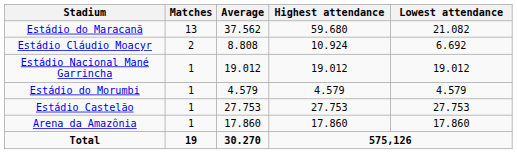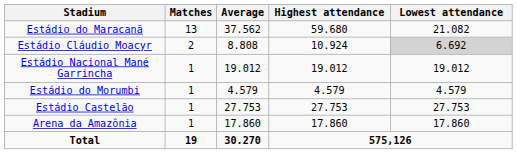 <table class="wikitable plainrowheaders sortable" style="text-align:center">
 <tr>
 <th scope="col" ! style="width:200px;">Stadium</th>
 <th scope="col" ! style="width:60px;">Matches</th>
 <th scope="col" ! style="width:60px;">Average</th>
 <th scope="col" ! style="width:150px;">Highest attendance</th>
 <th scope="col" ! style="width:150px;">Lowest attendance</th>
 </tr>
 <tr>
 <td><a href='#'>Estádio do Maracanã</a></td>
 <td>13</td>
 <td>37.562</td>
 <td>59.680</td>
 <td>21.082</td>
 </tr>
 <tr>
 <td><a href='#'>Estádio Cláudio Moacyr</a></td>
 <td>2</td>
 <td>8.808</td>
 <td>10.924</td>
-<td>6.692</td>
+<td style="background: lightgrey;">6.692</td>
 </tr>
 <tr>
 <td><a href='#'>Estádio Nacional Mané Garrincha</a></td>
 <td>1</td>
 <td>19.012</td>
 <td>19.012</td>
 <td>19.012</td>
 </tr>
 <tr>
 <td><a href='#'>Estádio do Morumbi</a></td>
 <td>1</td>
 <td>4.579</td>
 <td>4.579</td>
 <td>4.579</td>
 </tr>
 <tr>
 <td><a href='#'>Estádio Castelão</a></td>
 <td>1</td>
 <td>27.753</td>
 <td>27.753</td>
 <td>27.753</td>
 </tr>
 <tr>
 <td><a href='#'>Arena da Amazônia</a></td>
 <td>1</td>
 <td>17.860</td>
 <td>17.860</td>
 <td>17.860</td>
 </tr>
 <tr>
 <td><strong>Total</strong></td>
 <td><strong>19</strong></td>
 <td><strong>30.270</strong></td>
 <td colspan=3><strong>575,126</strong></td>
 </tr>
 </table>
